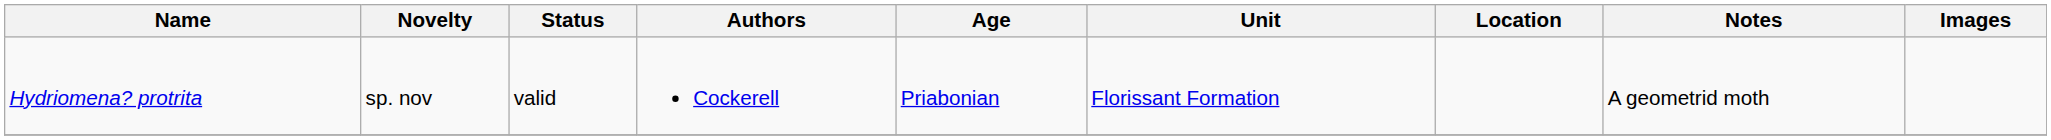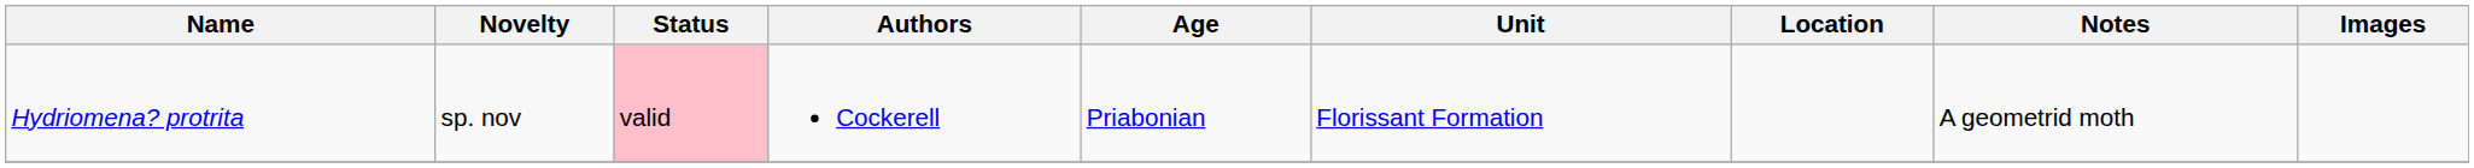 <table class="wikitable sortable" align="center" width="100%">
 <tr>
 <th>Name</th>
 <th>Novelty</th>
 <th>Status</th>
 <th>Authors</th>
 <th>Age</th>
 <th>Unit</th>
 <th>Location</th>
 <th>Notes</th>
 <th>Images</th>
 </tr>
 <tr>
 <td><br><em><a href='#'>Hydriomena? protrita</a></em></td>
 <td><br>sp. nov</td>
-<td><br>valid</td>
+<td style="background: pink;"><br>valid</td>
 <td><br><ul><li><a href='#'>Cockerell</a></li></ul></td>
 <td><br><a href='#'>Priabonian</a></td>
 <td><br><a href='#'>Florissant Formation</a></td>
 <td><br></td>
 <td><br>A geometrid moth</td>
 <td><br></td>
 </tr>
 <tr>
 </tr>
 </table>
